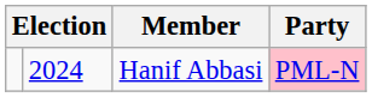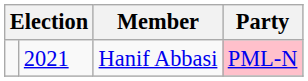 <table class="wikitable">
 <tr>
 <th colspan="2">Election</th>
 <th>Member</th>
 <th>Party</th>
 </tr>
 <tr>
 <td style="background-color: "></td>
-<td><a href='#'>2024</a></td>
+<td><a href='#'>2021</a></td>
 <td><a href='#'>Hanif Abbasi</a></td>
 <td style="background: pink;"><a href='#'>PML-N</a></td>
 </tr>
 </table>
